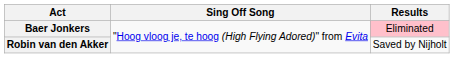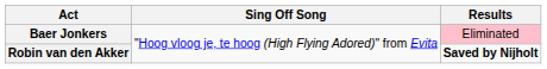 <table class="wikitable plainrowheaders" style="text-align:center;">
 <tr>
 <th scope="col">Act</th>
 <th scope="col">Sing Off Song</th>
 <th scope="col">Results</th>
 </tr>
 <tr>
 <th scope="row">Baer Jonkers</th>
 <td rowspan="2">"<a href='#'>Hoog vloog je, te hoog</a> <em>(High Flying Adored)</em>" from <em><a href='#'>Evita</a></em></td>
 <td style="background:pink;">Eliminated</td>
 </tr>
 <tr>
 <th scope="row">Robin van den Akker</th>
-<td>Saved by Nijholt</td>
+<td><strong>Saved by Nijholt</strong></td>
 </tr>
 </table>
